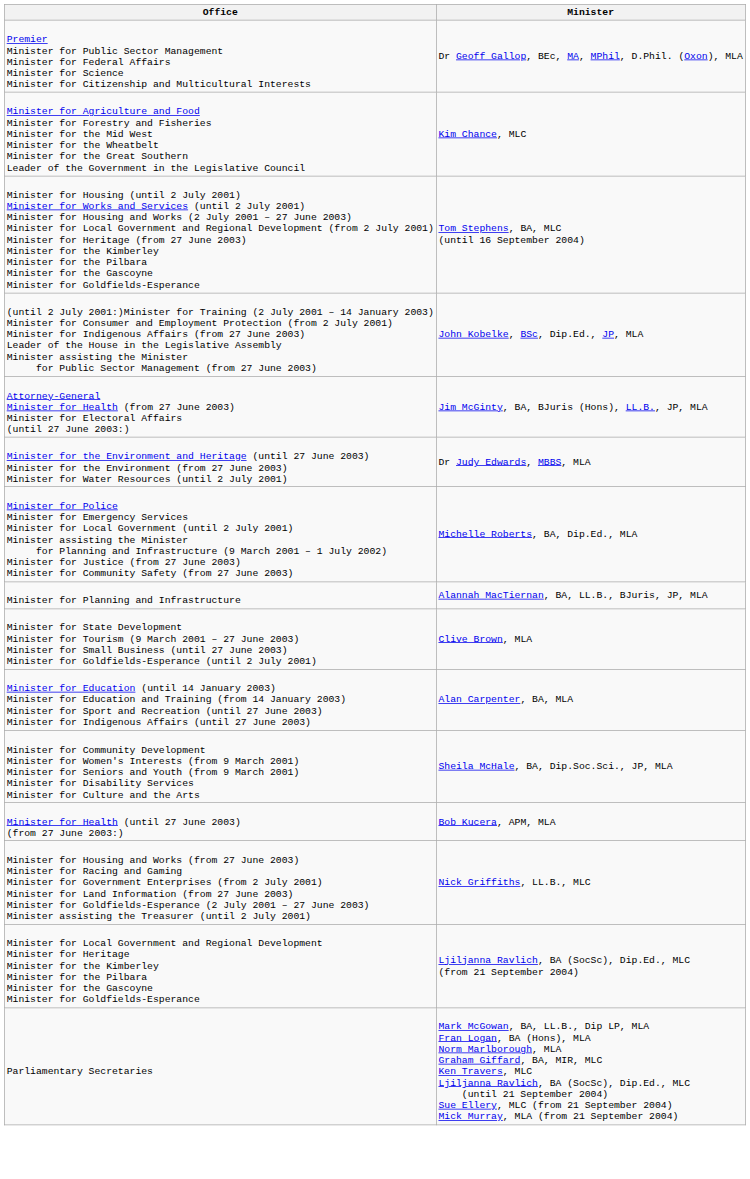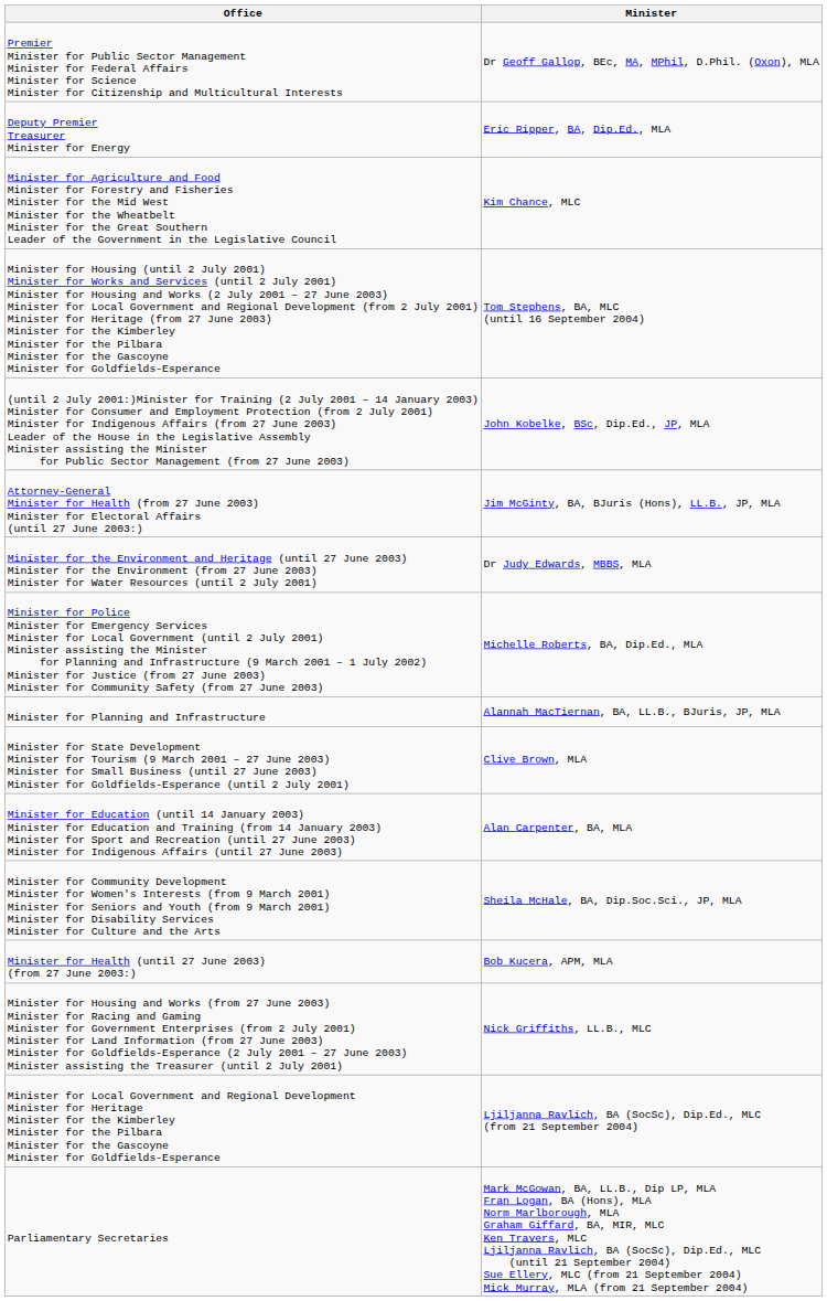 <table class="wikitable">
 <tr>
 <th>Office</th>
 <th>Minister</th>
 </tr>
 <tr>
 <td><br><a href='#'>Premier</a><br> Minister for Public Sector Management<br> Minister for Federal Affairs<br> Minister for Science<br> Minister for Citizenship and Multicultural Interests<br></td>
 <td>Dr <a href='#'>Geoff Gallop</a>, BEc, <a href='#'>MA</a>, <a href='#'>MPhil</a>, D.Phil. (<a href='#'>Oxon</a>), MLA</td>
+</tr>
+<tr>
+<td><br><a href='#'>Deputy Premier</a><br> <a href='#'>Treasurer</a><br> Minister for Energy</td>
+<td><a href='#'>Eric Ripper</a>, <a href='#'>BA</a>, <a href='#'>Dip.Ed.</a>, MLA</td>
 </tr>
 <tr>
 <td><br><a href='#'>Minister for Agriculture and Food</a><br> Minister for Forestry and Fisheries<br> Minister for the Mid West<br> Minister for the Wheatbelt<br> Minister for the Great Southern<br> Leader of the Government in the Legislative Council</td>
 <td><a href='#'>Kim Chance</a>, MLC</td>
 </tr>
 <tr>
 <td><br>Minister for Housing (until 2 July 2001)<br> <a href='#'>Minister for Works and Services</a> (until 2 July 2001)<br> Minister for Housing and Works (2 July 2001 – 27 June 2003)<br> Minister for Local Government and Regional Development (from 2 July 2001)<br> Minister for Heritage (from 27 June 2003)<br> Minister for the Kimberley<br> Minister for the Pilbara<br> Minister for the Gascoyne<br> Minister for Goldfields-Esperance</td>
 <td><a href='#'>Tom Stephens</a>, BA, MLC<br>(until 16 September 2004)</td>
 </tr>
 <tr>
 <td><br>(until 2 July 2001:)Minister for Training (2 July 2001 – 14 January 2003)<br> Minister for Consumer and Employment Protection (from 2 July 2001)<br> Minister for Indigenous Affairs (from 27 June 2003)<br> Leader of the House in the Legislative Assembly<br> Minister assisting the Minister<br>     for Public Sector Management (from 27 June 2003)</td>
 <td><a href='#'>John Kobelke</a>, <a href='#'>BSc</a>, Dip.Ed., <a href='#'>JP</a>, MLA</td>
 </tr>
 <tr>
 <td><br><a href='#'>Attorney-General</a><br> <a href='#'>Minister for Health</a> (from 27 June 2003)<br> Minister for Electoral Affairs<br>(until 27 June 2003:)</td>
 <td><a href='#'>Jim McGinty</a>, BA, BJuris (Hons), <a href='#'>LL.B.</a>, JP, MLA</td>
 </tr>
 <tr>
 <td><br><a href='#'>Minister for the Environment and Heritage</a> (until 27 June 2003)<br> Minister for the Environment (from 27 June 2003)<br> Minister for Water Resources (until 2 July 2001)</td>
 <td>Dr <a href='#'>Judy Edwards</a>, <a href='#'>MBBS</a>, MLA</td>
 </tr>
 <tr>
 <td><br><a href='#'>Minister for Police</a><br> Minister for Emergency Services<br> Minister for Local Government (until 2 July 2001)<br> Minister assisting the Minister<br>     for Planning and Infrastructure (9 March 2001 – 1 July 2002)<br> Minister for Justice (from 27 June 2003)<br> Minister for Community Safety (from 27 June 2003)</td>
 <td><a href='#'>Michelle Roberts</a>, BA, Dip.Ed., MLA</td>
 </tr>
 <tr>
 <td><br>Minister for Planning and Infrastructure</td>
 <td><a href='#'>Alannah MacTiernan</a>, BA, LL.B., BJuris, JP, MLA</td>
 </tr>
 <tr>
 <td><br>Minister for State Development<br> Minister for Tourism (9 March 2001 – 27 June 2003)<br> Minister for Small Business (until 27 June 2003)<br> Minister for Goldfields-Esperance (until 2 July 2001)</td>
 <td><a href='#'>Clive Brown</a>, MLA</td>
 </tr>
 <tr>
 <td><br><a href='#'>Minister for Education</a> (until 14 January 2003)<br> Minister for Education and Training (from 14 January 2003)<br> Minister for Sport and Recreation (until 27 June 2003)<br> Minister for Indigenous Affairs (until 27 June 2003)</td>
 <td><a href='#'>Alan Carpenter</a>, BA, MLA</td>
 </tr>
 <tr>
 <td><br>Minister for Community Development<br> Minister for Women's Interests (from 9 March 2001)<br> Minister for Seniors and Youth (from 9 March 2001)<br> Minister for Disability Services<br> Minister for Culture and the Arts</td>
 <td><a href='#'>Sheila McHale</a>, BA, Dip.Soc.Sci., JP, MLA</td>
 </tr>
 <tr>
 <td><br><a href='#'>Minister for Health</a> (until 27 June 2003)<br>(from 27 June 2003:)</td>
 <td><a href='#'>Bob Kucera</a>, APM, MLA</td>
 </tr>
 <tr>
 <td><br>Minister for Housing and Works (from 27 June 2003)<br> Minister for Racing and Gaming<br> Minister for Government Enterprises (from 2 July 2001)<br> Minister for Land Information (from 27 June 2003)<br> Minister for Goldfields-Esperance (2 July 2001 – 27 June 2003)<br> Minister assisting the Treasurer (until 2 July 2001)</td>
 <td><a href='#'>Nick Griffiths</a>, LL.B., MLC</td>
 </tr>
 <tr>
 <td><br>Minister for Local Government and Regional Development<br> Minister for Heritage<br> Minister for the Kimberley<br> Minister for the Pilbara<br> Minister for the Gascoyne<br> Minister for Goldfields-Esperance</td>
 <td><a href='#'>Ljiljanna Ravlich</a>, BA (SocSc), Dip.Ed., MLC<br>(from 21 September 2004)</td>
 </tr>
 <tr>
 <td><br>Parliamentary Secretaries</td>
 <td><br><a href='#'>Mark McGowan</a>, BA, LL.B., Dip LP, MLA<br> <a href='#'>Fran Logan</a>, BA (Hons), MLA<br> <a href='#'>Norm Marlborough</a>, MLA<br> <a href='#'>Graham Giffard</a>, BA, MIR, MLC<br> <a href='#'>Ken Travers</a>, MLC<br> <a href='#'>Ljiljanna Ravlich</a>, BA (SocSc), Dip.Ed., MLC<br>    (until 21 September 2004)<br> <a href='#'>Sue Ellery</a>, MLC (from 21 September 2004)<br> <a href='#'>Mick Murray</a>, MLA (from 21 September 2004)<br></td>
 </tr>
 </table>
